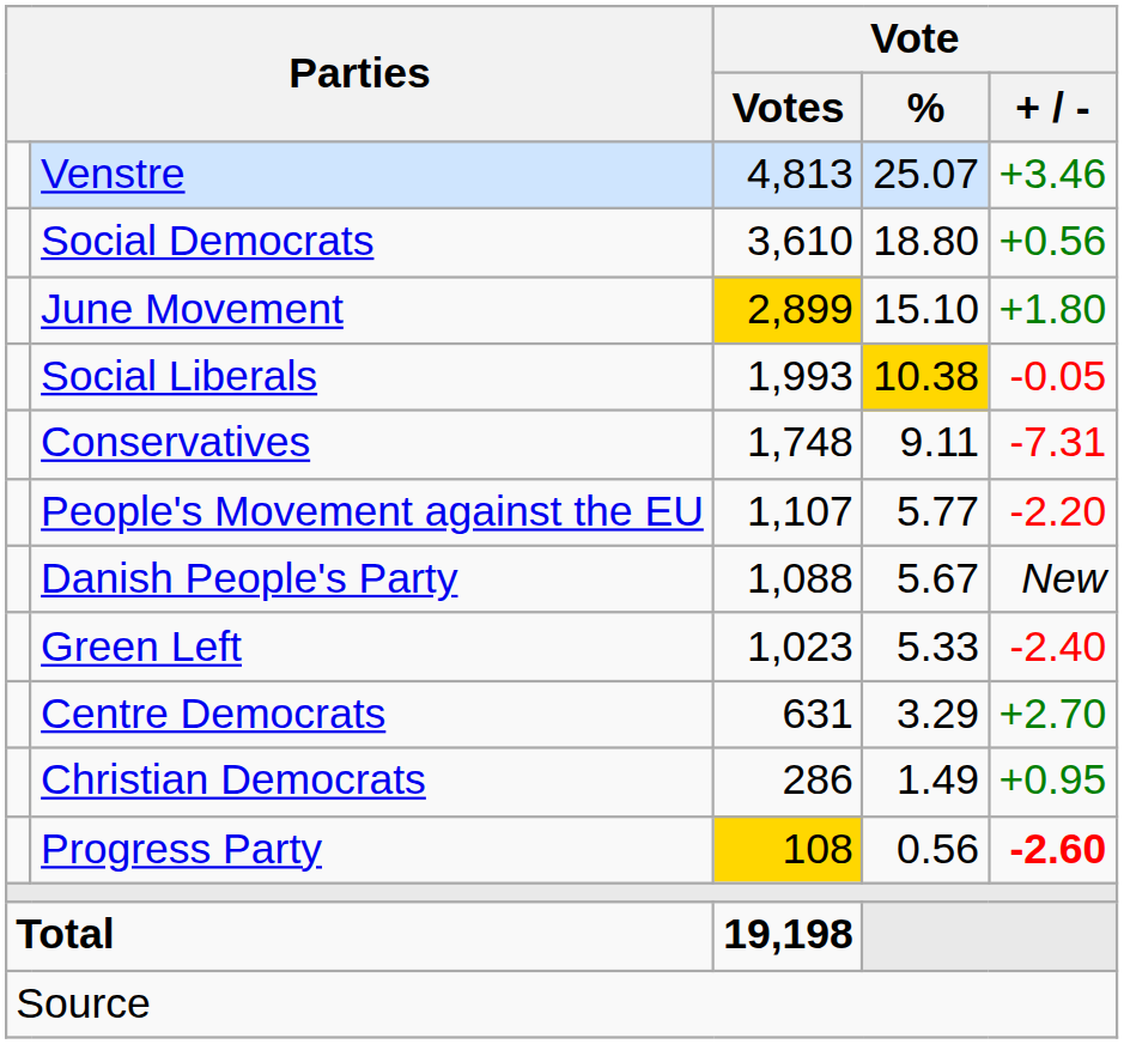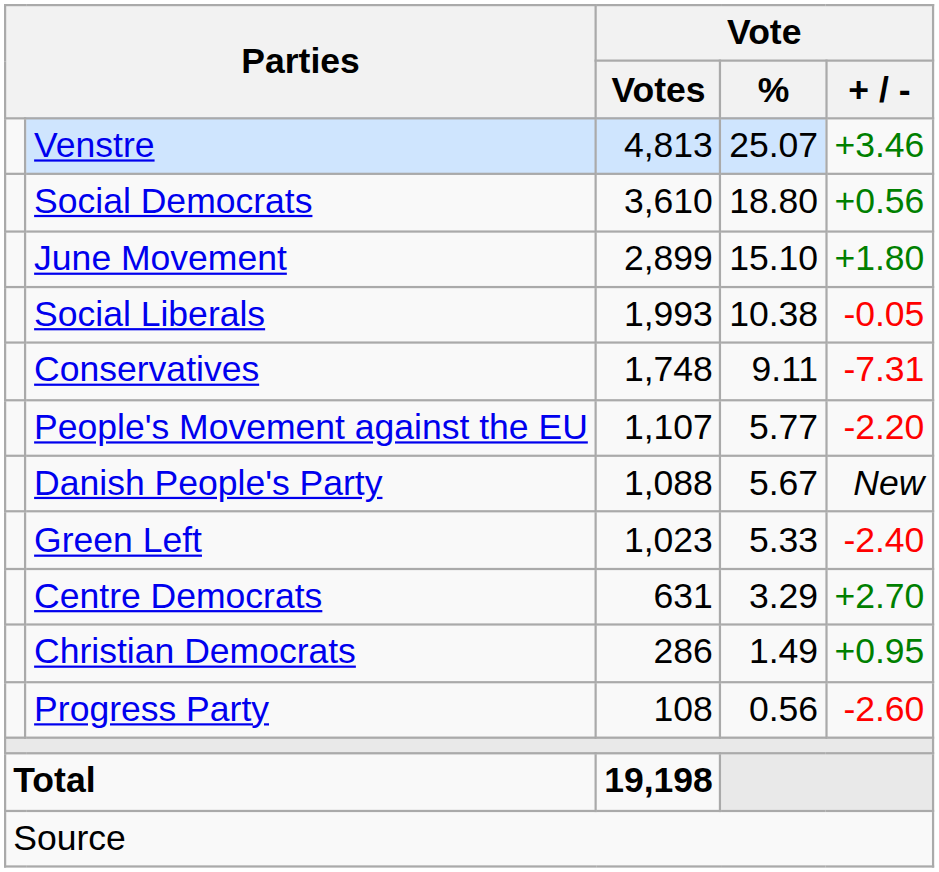 <table class="wikitable" style="text-align:right;">
 <tr>
 <th style="text-align:centre;" rowspan="2" colspan="2" width="225">Parties</th>
 <th colspan="3">Vote</th>
 </tr>
 <tr>
 <th width="15">Votes</th>
 <th width="15">%</th>
 <th width="15">+ / -</th>
 </tr>
 <tr>
 <td width="2" style="color:inherit;background:"></td>
 <td bgcolor=#cfe5fe   align="left"><a href='#'>Venstre</a></td>
 <td bgcolor=#cfe5fe>4,813</td>
 <td bgcolor=#cfe5fe>25.07</td>
 <td style=color:green;>+3.46</td>
 </tr>
 <tr>
 <td width="2" style="color:inherit;background:"></td>
 <td align="left"><a href='#'>Social Democrats</a></td>
 <td>3,610</td>
 <td>18.80</td>
 <td style=color:green;>+0.56</td>
 </tr>
 <tr>
 <td width="2" style="color:inherit;background:"></td>
 <td align="left"><a href='#'>June Movement</a></td>
-<td style="background: gold;">2,899</td>
+<td>2,899</td>
 <td>15.10</td>
 <td style=color:green;>+1.80</td>
 </tr>
 <tr>
 <td width="2" style="color:inherit;background:"></td>
 <td align="left"><a href='#'>Social Liberals</a></td>
 <td>1,993</td>
-<td style="background: gold;">10.38</td>
+<td>10.38</td>
 <td style=color:red;>-0.05</td>
 </tr>
 <tr>
 <td width="2" style="color:inherit;background:"></td>
 <td align="left"><a href='#'>Conservatives</a></td>
 <td>1,748</td>
 <td>9.11</td>
 <td style=color:red;>-7.31</td>
 </tr>
 <tr>
 <td width="2" style="color:inherit;background:"></td>
 <td align="left"><a href='#'>People's Movement against the EU</a></td>
 <td>1,107</td>
 <td>5.77</td>
 <td style=color:red;>-2.20</td>
 </tr>
 <tr>
 <td width="2" style="color:inherit;background:"></td>
 <td align="left"><a href='#'>Danish People's Party</a></td>
 <td>1,088</td>
 <td>5.67</td>
 <td><em>New</em></td>
 </tr>
 <tr>
 <td width="2" style="color:inherit;background:"></td>
 <td align="left"><a href='#'>Green Left</a></td>
 <td>1,023</td>
 <td>5.33</td>
 <td style=color:red;>-2.40</td>
 </tr>
 <tr>
 <td width="2" style="color:inherit;background:"></td>
 <td align="left"><a href='#'>Centre Democrats</a></td>
 <td>631</td>
 <td>3.29</td>
 <td style=color:green;>+2.70</td>
 </tr>
 <tr>
 <td width="2" style="color:inherit;background:"></td>
 <td align="left"><a href='#'>Christian Democrats</a></td>
 <td>286</td>
 <td>1.49</td>
 <td style=color:green;>+0.95</td>
 </tr>
 <tr>
 <td width="2" style="color:inherit;background:"></td>
 <td align="left"><a href='#'>Progress Party</a></td>
-<td style="background: gold;">108</td>
+<td>108</td>
 <td>0.56</td>
-<td style=color:red;><strong>-2.60</strong></td>
+<td style=color:red;>-2.60</td>
 </tr>
 <tr>
 <td colspan="7" bgcolor="#E9E9E9"></td>
 </tr>
 <tr>
 <td align="left" colspan="2"><strong>Total</strong></td>
 <td><strong>19,198</strong></td>
 <td bgcolor="#E9E9E9" colspan="2"></td>
 </tr>
 <tr>
 <td align="left" colspan="6">Source</td>
 </tr>
 </table>
